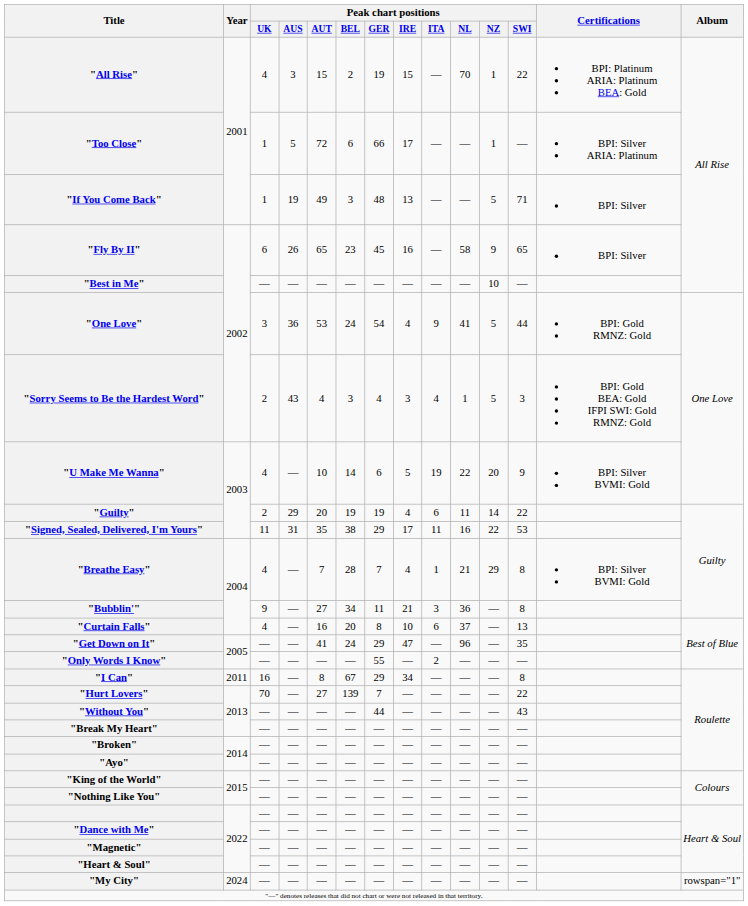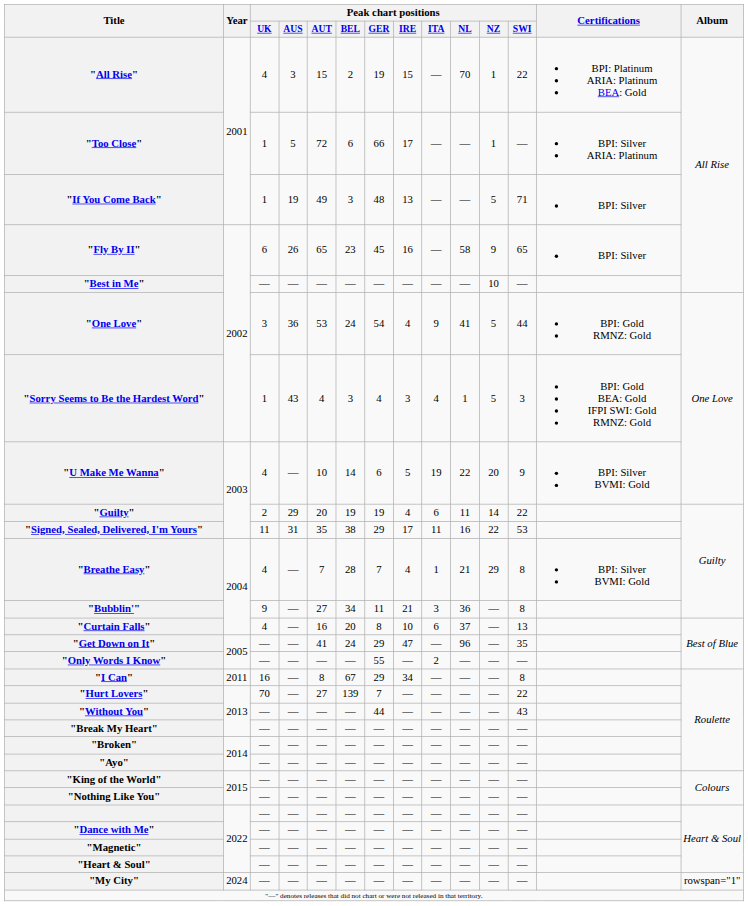 <table class="wikitable plainrowheaders" style="text-align:center;" border="1">
 <tr>
 <th scope="col" rowspan="2" style="width:20em;">Title</th>
 <th scope="col" rowspan="2">Year</th>
 <th scope="col" colspan="10">Peak chart positions</th>
 <th scope="col" rowspan="2" style="width:13em;"><a href='#'>Certifications</a></th>
 <th scope="col" rowspan="2">Album</th>
 </tr>
 <tr>
 <th scope="col" style="width:2.5em;font-size:90%;"><a href='#'>UK</a><br></th>
 <th scope="col" style="width:2.5em;font-size:90%;"><a href='#'>AUS</a><br></th>
 <th scope="col" style="width:2.5em;font-size:90%;"><a href='#'>AUT</a><br></th>
 <th scope="col" style="width:2.5em;font-size:90%;"><a href='#'>BEL</a><br></th>
 <th scope="col" style="width:2.5em;font-size:90%;"><a href='#'>GER</a><br></th>
 <th scope="col" style="width:2.5em;font-size:90%;"><a href='#'>IRE</a><br></th>
 <th scope="col" style="width:2.5em;font-size:90%;"><a href='#'>ITA</a><br></th>
 <th scope="col" style="width:2.5em;font-size:90%;"><a href='#'>NL</a><br></th>
 <th scope="col" style="width:2.5em;font-size:90%;"><a href='#'>NZ</a><br></th>
 <th scope="col" style="width:2.5em;font-size:90%;"><a href='#'>SWI</a><br></th>
 </tr>
 <tr>
 <th scope="row">"<a href='#'>All Rise</a>"</th>
 <td rowspan="3">2001</td>
 <td>4</td>
 <td>3</td>
 <td>15</td>
 <td>2</td>
 <td>19</td>
 <td>15</td>
 <td>—</td>
 <td>70</td>
 <td>1</td>
 <td>22</td>
 <td><br><ul><li>BPI: Platinum</li><li>ARIA: Platinum</li><li><a href='#'>BEA</a>: Gold</li></ul></td>
 <td rowspan="5"><em>All Rise</em></td>
 </tr>
 <tr>
 <th scope="row">"<a href='#'>Too Close</a>"</th>
 <td>1</td>
 <td>5</td>
 <td>72</td>
 <td>6</td>
 <td>66</td>
 <td>17</td>
 <td>—</td>
 <td>—</td>
 <td>1</td>
 <td>—</td>
 <td><br><ul><li>BPI: Silver</li><li>ARIA: Platinum</li></ul></td>
 </tr>
 <tr>
 <th scope="row">"<a href='#'>If You Come Back</a>"</th>
 <td>1</td>
 <td>19</td>
 <td>49</td>
 <td>3</td>
 <td>48</td>
 <td>13</td>
 <td>—</td>
 <td>—</td>
 <td>5</td>
 <td>71</td>
 <td><br><ul><li>BPI: Silver</li></ul></td>
 </tr>
 <tr>
 <th scope="row">"<a href='#'>Fly By II</a>"</th>
 <td rowspan="4">2002</td>
 <td>6</td>
 <td>26</td>
 <td>65</td>
 <td>23</td>
 <td>45</td>
 <td>16</td>
 <td>—</td>
 <td>58</td>
 <td>9</td>
 <td>65</td>
 <td><br><ul><li>BPI: Silver</li></ul></td>
 </tr>
 <tr>
 <th scope="row">"<a href='#'>Best in Me</a>"</th>
 <td>—</td>
 <td>—</td>
 <td>—</td>
 <td>—</td>
 <td>—</td>
 <td>—</td>
 <td>—</td>
 <td>—</td>
 <td>10</td>
 <td>—</td>
 <td></td>
 </tr>
 <tr>
 <th scope="row">"<a href='#'>One Love</a>"</th>
 <td>3</td>
 <td>36</td>
 <td>53</td>
 <td>24</td>
 <td>54</td>
 <td>4</td>
 <td>9</td>
 <td>41</td>
 <td>5</td>
 <td>44</td>
 <td><br><ul><li>BPI: Gold</li><li>RMNZ: Gold</li></ul></td>
 <td rowspan="3"><em>One Love</em></td>
 </tr>
 <tr>
 <th scope="row">"<a href='#'>Sorry Seems to Be the Hardest Word</a>"<br></th>
-<td>2</td>
+<td>1</td>
 <td>43</td>
 <td>4</td>
 <td>3</td>
 <td>4</td>
 <td>3</td>
 <td>4</td>
 <td>1</td>
 <td>5</td>
 <td>3</td>
 <td><br><ul><li>BPI: Gold</li><li>BEA: Gold</li><li>IFPI SWI: Gold</li><li>RMNZ: Gold</li></ul></td>
 </tr>
 <tr>
 <th scope="row">"<a href='#'>U Make Me Wanna</a>"</th>
 <td rowspan="3">2003</td>
 <td>4</td>
 <td>—</td>
 <td>10</td>
 <td>14</td>
 <td>6</td>
 <td>5</td>
 <td>19</td>
 <td>22</td>
 <td>20</td>
 <td>9</td>
 <td><br><ul><li>BPI: Silver</li><li>BVMI: Gold</li></ul></td>
 </tr>
 <tr>
 <th scope="row">"<a href='#'>Guilty</a>"</th>
 <td>2</td>
 <td>29</td>
 <td>20</td>
 <td>19</td>
 <td>19</td>
 <td>4</td>
 <td>6</td>
 <td>11</td>
 <td>14</td>
 <td>22</td>
 <td></td>
 <td rowspan="4"><em>Guilty</em></td>
 </tr>
 <tr>
 <th scope="row">"<a href='#'>Signed, Sealed, Delivered, I'm Yours</a>"<br></th>
 <td>11</td>
 <td>31</td>
 <td>35</td>
 <td>38</td>
 <td>29</td>
 <td>17</td>
 <td>11</td>
 <td>16</td>
 <td>22</td>
 <td>53</td>
 <td></td>
 </tr>
 <tr>
 <th scope="row">"<a href='#'>Breathe Easy</a>"</th>
 <td rowspan="3">2004</td>
 <td>4</td>
 <td>—</td>
 <td>7</td>
 <td>28</td>
 <td>7</td>
 <td>4</td>
 <td>1</td>
 <td>21</td>
 <td>29</td>
 <td>8</td>
 <td><br><ul><li>BPI: Silver</li><li>BVMI: Gold</li></ul></td>
 </tr>
 <tr>
 <th scope="row">"<a href='#'>Bubblin'</a>"<br></th>
 <td>9</td>
 <td>—</td>
 <td>27</td>
 <td>34</td>
 <td>11</td>
 <td>21</td>
 <td>3</td>
 <td>36</td>
 <td>—</td>
 <td>8</td>
 <td></td>
 </tr>
 <tr>
 <th scope="row">"<a href='#'>Curtain Falls</a>"</th>
 <td>4</td>
 <td>—</td>
 <td>16</td>
 <td>20</td>
 <td>8</td>
 <td>10</td>
 <td>6</td>
 <td>37</td>
 <td>—</td>
 <td>13</td>
 <td></td>
 <td rowspan="3"><em>Best of Blue</em></td>
 </tr>
 <tr>
 <th scope="row">"<a href='#'>Get Down on It</a>"<br></th>
 <td rowspan="2">2005</td>
 <td>—</td>
 <td>—</td>
 <td>41</td>
 <td>24</td>
 <td>29</td>
 <td>47</td>
 <td>—</td>
 <td>96</td>
 <td>—</td>
 <td>35</td>
 <td></td>
 </tr>
 <tr>
 <th scope="row">"<a href='#'>Only Words I Know</a>"</th>
 <td>—</td>
 <td>—</td>
 <td>—</td>
 <td>—</td>
 <td>55</td>
 <td>—</td>
 <td>2</td>
 <td>—</td>
 <td>—</td>
 <td>—</td>
 <td></td>
 </tr>
 <tr>
 <th scope="row">"<a href='#'>I Can</a>"</th>
 <td>2011</td>
 <td>16</td>
 <td>—</td>
 <td>8</td>
 <td>67</td>
 <td>29</td>
 <td>34</td>
 <td>—</td>
 <td>—</td>
 <td>—</td>
 <td>8</td>
 <td></td>
 <td rowspan=6><em>Roulette</em></td>
 </tr>
 <tr>
 <th scope="row">"<a href='#'>Hurt Lovers</a>"</th>
 <td rowspan="3">2013</td>
 <td>70</td>
 <td>—</td>
 <td>27</td>
 <td>139</td>
 <td>7</td>
 <td>—</td>
 <td>—</td>
 <td>—</td>
 <td>—</td>
 <td>22</td>
 <td></td>
 </tr>
 <tr>
 <th scope="row">"<a href='#'>Without You</a>"</th>
 <td>—</td>
 <td>—</td>
 <td>—</td>
 <td>—</td>
 <td>44</td>
 <td>—</td>
 <td>—</td>
 <td>—</td>
 <td>—</td>
 <td>43</td>
 <td></td>
 </tr>
 <tr>
 <th scope="row">"Break My Heart"</th>
 <td>—</td>
 <td>—</td>
 <td>—</td>
 <td>—</td>
 <td>—</td>
 <td>—</td>
 <td>—</td>
 <td>—</td>
 <td>—</td>
 <td>—</td>
 <td></td>
 </tr>
 <tr>
 <th scope="row">"Broken"</th>
 <td rowspan="2">2014</td>
 <td>—</td>
 <td>—</td>
 <td>—</td>
 <td>—</td>
 <td>—</td>
 <td>—</td>
 <td>—</td>
 <td>—</td>
 <td>—</td>
 <td>—</td>
 <td></td>
 </tr>
 <tr>
 <th scope="row">"Ayo"</th>
 <td>—</td>
 <td>—</td>
 <td>—</td>
 <td>—</td>
 <td>—</td>
 <td>—</td>
 <td>—</td>
 <td>—</td>
 <td>—</td>
 <td>—</td>
 <td></td>
 </tr>
 <tr>
 <th scope="row">"King of the World"</th>
 <td rowspan="2">2015</td>
 <td>—</td>
 <td>—</td>
 <td>—</td>
 <td>—</td>
 <td>—</td>
 <td>—</td>
 <td>—</td>
 <td>—</td>
 <td>—</td>
 <td>—</td>
 <td></td>
 <td rowspan="2"><em>Colours</em></td>
 </tr>
 <tr>
 <th scope="row">"Nothing Like You"</th>
 <td>—</td>
 <td>—</td>
 <td>—</td>
 <td>—</td>
 <td>—</td>
 <td>—</td>
 <td>—</td>
 <td>—</td>
 <td>—</td>
 <td>—</td>
 <td></td>
 </tr>
 <tr>
 <th scope="row"></th>
 <td rowspan="4">2022</td>
 <td>—</td>
 <td>—</td>
 <td>—</td>
 <td>—</td>
 <td>—</td>
 <td>—</td>
 <td>—</td>
 <td>—</td>
 <td>—</td>
 <td>—</td>
 <td></td>
 <td rowspan="4"><em>Heart & Soul</em></td>
 </tr>
 <tr>
 <th scope="row">"<a href='#'>Dance with Me</a>"</th>
 <td>—</td>
 <td>—</td>
 <td>—</td>
 <td>—</td>
 <td>—</td>
 <td>—</td>
 <td>—</td>
 <td>—</td>
 <td>—</td>
 <td>—</td>
 <td></td>
 </tr>
 <tr>
 <th scope="row">"Magnetic"</th>
 <td>—</td>
 <td>—</td>
 <td>—</td>
 <td>—</td>
 <td>—</td>
 <td>—</td>
 <td>—</td>
 <td>—</td>
 <td>—</td>
 <td>—</td>
 <td></td>
 </tr>
 <tr>
 <th scope="row">"Heart & Soul"</th>
 <td>—</td>
 <td>—</td>
 <td>—</td>
 <td>—</td>
 <td>—</td>
 <td>—</td>
 <td>—</td>
 <td>—</td>
 <td>—</td>
 <td>—</td>
 <td></td>
 </tr>
 <tr>
 <th scope="row">"My City"</th>
 <td rowspan="1">2024</td>
 <td>—</td>
 <td>—</td>
 <td>—</td>
 <td>—</td>
 <td>—</td>
 <td>—</td>
 <td>—</td>
 <td>—</td>
 <td>—</td>
 <td>—</td>
 <td></td>
 <td>rowspan="1" </td>
 </tr>
 <tr>
 <td colspan="16" align="center" style="font-size:8pt">"—" denotes releases that did not chart or were not released in that territory.</td>
 </tr>
 </table>
